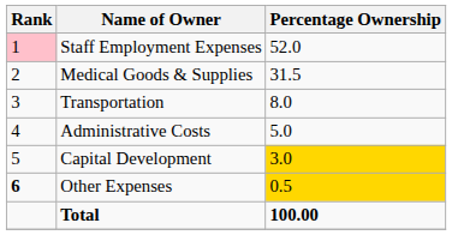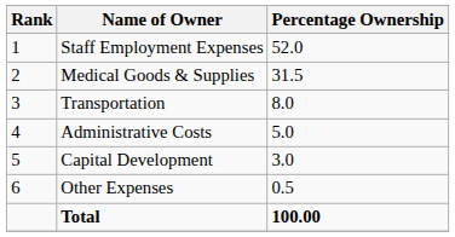 <table class="wikitable sortable" style="margin-left:auto;margin-right:auto">
 <tr>
 <th style="width:2em;">Rank</th>
 <th>Name of Owner</th>
 <th>Percentage Ownership</th>
 </tr>
 <tr>
-<td style="background: pink;">1</td>
+<td>1</td>
 <td>Staff Employment Expenses</td>
 <td>52.0</td>
 </tr>
 <tr>
 <td>2</td>
 <td>Medical Goods & Supplies</td>
 <td>31.5</td>
 </tr>
 <tr>
 <td>3</td>
 <td>Transportation</td>
 <td>8.0</td>
 </tr>
 <tr>
 <td>4</td>
 <td>Administrative Costs</td>
 <td>5.0</td>
 </tr>
 <tr>
 <td>5</td>
 <td>Capital Development</td>
-<td style="background: gold;">3.0</td>
+<td>3.0</td>
 </tr>
 <tr>
-<td><strong>6</strong></td>
+<td>6</td>
 <td>Other Expenses</td>
-<td style="background: gold;">0.5</td>
+<td>0.5</td>
 </tr>
 <tr>
 <td></td>
 <td><strong>Total</strong></td>
 <td><strong>100.00</strong></td>
 </tr>
 <tr>
 </tr>
 </table>
